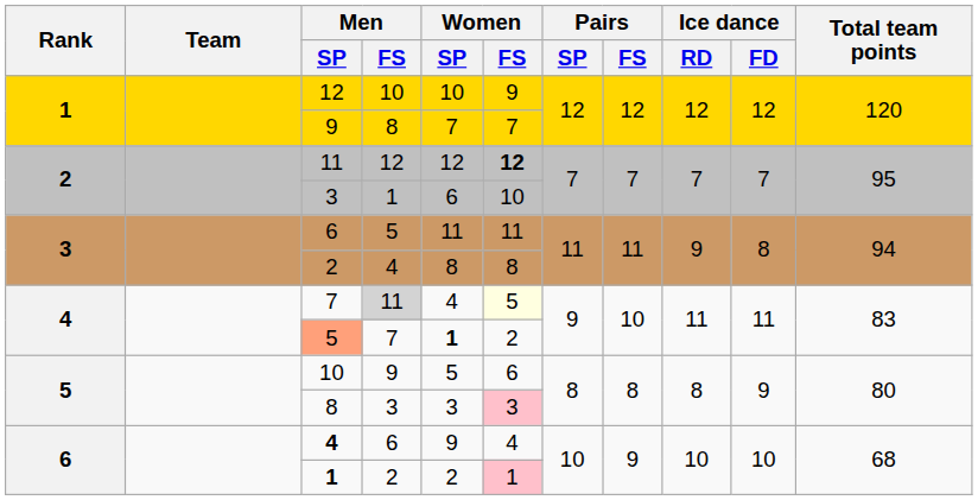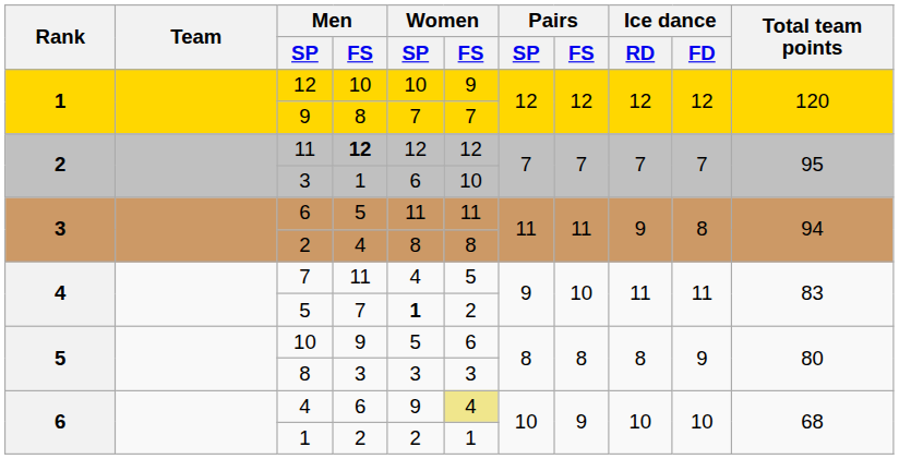 <table class="wikitable">
 <tr>
 <th width="80" rowspan="2">Rank</th>
 <th width="120" rowspan="2">Team</th>
 <th width="80" colspan="2">Men</th>
 <th width="80" colspan="2">Women</th>
 <th width="80" colspan="2">Pairs</th>
 <th width="90" colspan="2">Ice dance</th>
 <th width="120" rowspan="2"><strong>Total team points</strong></th>
 </tr>
 <tr>
 <th><a href='#'>SP</a></th>
 <th><a href='#'>FS</a></th>
 <th><a href='#'>SP</a></th>
 <th><a href='#'>FS</a></th>
 <th><a href='#'>SP</a></th>
 <th><a href='#'>FS</a></th>
 <th><a href='#'>RD</a></th>
 <th><a href='#'>FD</a></th>
 </tr>
 <tr rowspan=2 bgcolor="gold">
 <td rowspan=2 align="center"><strong>1</strong></td>
 <td rowspan=2></td>
 <td align="center">12</td>
 <td align="center">10</td>
 <td align="center">10</td>
 <td align="center">9</td>
 <td rowspan=2 align="center">12</td>
 <td rowspan=2 align="center">12</td>
 <td rowspan=2 align="center">12</td>
 <td rowspan=2 align="center">12</td>
 <td rowspan=2 align="center">120</td>
 </tr>
 <tr bgcolor="gold">
 <td align="center">9</td>
 <td align="center">8</td>
 <td align="center">7</td>
 <td align="center">7</td>
 </tr>
 <tr rowspan=2 bgcolor="silver">
 <td rowspan=2 align="center"><strong>2</strong></td>
 <td rowspan=2></td>
 <td align="center">11</td>
+<td align="center"><strong>12</strong></td>
 <td align="center">12</td>
 <td align="center">12</td>
-<td align="center"><strong>12</strong></td>
 <td rowspan=2 align="center">7</td>
 <td rowspan=2 align="center">7</td>
 <td rowspan=2 align="center">7</td>
 <td rowspan=2 align="center">7</td>
 <td rowspan=2 align="center">95</td>
 </tr>
 <tr bgcolor="silver">
 <td align="center">3</td>
 <td align="center">1</td>
 <td align="center">6</td>
 <td align="center">10</td>
 </tr>
 <tr bgcolor="#cc9966" rowspan="2">
 <td rowspan=2 align="center"><strong>3</strong></td>
 <td rowspan=2></td>
 <td align="center">6</td>
 <td align="center">5</td>
 <td align="center">11</td>
 <td align="center">11</td>
 <td rowspan=2 align="center">11</td>
 <td rowspan=2 align="center">11</td>
 <td rowspan=2 align="center">9</td>
 <td rowspan=2 align="center">8</td>
 <td rowspan=2 align="center">94</td>
 </tr>
 <tr bgcolor="cc9966">
 <td align="center">2</td>
 <td align="center">4</td>
 <td align="center">8</td>
 <td align="center">8</td>
 </tr>
 <tr>
 <th rowspan=2 align="center">4</th>
 <td rowspan=2></td>
 <td align="center">7</td>
-<td align="center" style="background: lightgrey;">11</td>
+<td align="center">11</td>
 <td align="center">4</td>
-<td align="center" style="background: lightyellow;">5</td>
+<td align="center">5</td>
 <td rowspan=2 align="center">9</td>
 <td rowspan=2 align="center">10</td>
 <td rowspan=2 align="center">11</td>
 <td rowspan=2 align="center">11</td>
 <td rowspan=2 align="center">83</td>
 </tr>
 <tr>
-<td align="center" style="background: lightsalmon;">5</td>
+<td align="center">5</td>
 <td align="center">7</td>
 <td align="center"><strong>1</strong></td>
 <td align="center">2</td>
 </tr>
 <tr>
 <th rowspan=2 align="center">5</th>
 <td rowspan=2></td>
 <td align="center">10</td>
 <td align="center">9</td>
 <td align="center">5</td>
 <td align="center">6</td>
 <td rowspan=2 align="center">8</td>
 <td rowspan=2 align="center">8</td>
 <td rowspan=2 align="center">8</td>
 <td rowspan=2 align="center">9</td>
 <td rowspan=2 align="center">80</td>
 </tr>
 <tr>
 <td align="center">8</td>
 <td align="center">3</td>
 <td align="center">3</td>
-<td align="center" style="background: pink;">3</td>
+<td align="center">3</td>
 </tr>
 <tr>
 <th rowspan=2 align="center">6</th>
 <td rowspan=2></td>
-<td align="center"><strong>4</strong></td>
+<td align="center">4</td>
 <td align="center">6</td>
 <td align="center">9</td>
-<td align="center">4</td>
+<td align="center" style="background: khaki;">4</td>
 <td rowspan=2 align="center">10</td>
 <td rowspan=2 align="center">9</td>
 <td rowspan=2 align="center">10</td>
 <td rowspan=2 align="center">10</td>
 <td rowspan=2 align="center">68</td>
 </tr>
 <tr>
-<td align="center"><strong>1</strong></td>
+<td align="center">1</td>
 <td align="center">2</td>
 <td align="center">2</td>
-<td align="center" style="background: pink;">1</td>
+<td align="center">1</td>
 </tr>
 </table>
